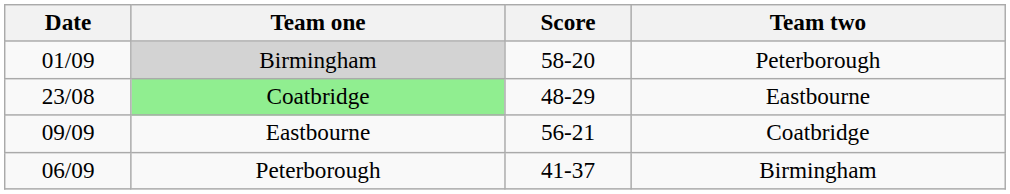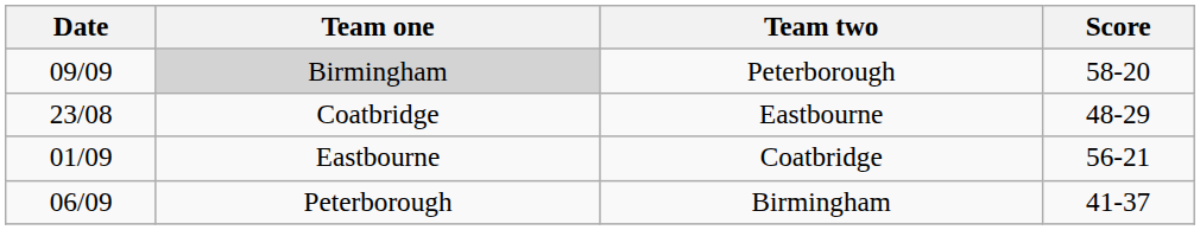 <table class="wikitable" style="text-align: center">
 <tr>
 <th width=80>Date</th>
 <th width=250>Team one</th>
+<th width=250>Team two</th>
 <th width=80>Score</th>
-<th width=250>Team two</th>
+</tr>
+<tr>
+<td>09/09</td>
+<td style="background: lightgrey;">Birmingham</td>
+<td>Peterborough</td>
+<td>58-20</td>
+</tr>
+<tr>
+<td>23/08</td>
+<td>Coatbridge</td>
+<td>Eastbourne</td>
+<td>48-29</td>
 </tr>
 <tr>
 <td>01/09</td>
-<td style="background: lightgrey;">Birmingham</td>
-<td>58-20</td>
-<td>Peterborough</td>
-</tr>
-<tr>
-<td>23/08</td>
-<td style="background: lightgreen;">Coatbridge</td>
-<td>48-29</td>
 <td>Eastbourne</td>
-</tr>
-<tr>
-<td>09/09</td>
-<td>Eastbourne</td>
+<td>Coatbridge</td>
 <td>56-21</td>
-<td>Coatbridge</td>
 </tr>
 <tr>
 <td>06/09</td>
 <td>Peterborough</td>
+<td>Birmingham</td>
 <td>41-37</td>
-<td>Birmingham</td>
 </tr>
 </table>
